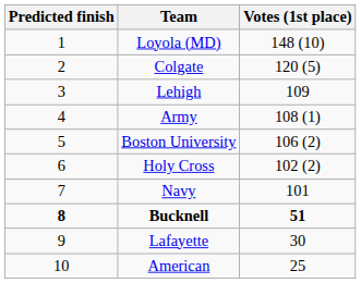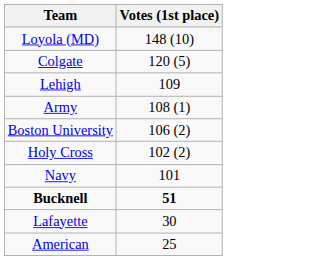 <table class="wikitable" border="1">
 <tr align=center>
-<th>Predicted finish</th>
 <th>Team</th>
 <th>Votes (1st place)</th>
 </tr>
 <tr align="center">
-<td>1</td>
 <td><a href='#'>Loyola (MD)</a></td>
 <td>148 (10)</td>
 </tr>
 <tr align="center">
-<td>2</td>
 <td><a href='#'>Colgate</a></td>
 <td>120 (5)</td>
 </tr>
 <tr align="center">
-<td>3</td>
 <td><a href='#'>Lehigh</a></td>
 <td>109</td>
 </tr>
 <tr align="center">
-<td>4</td>
 <td><a href='#'>Army</a></td>
 <td>108 (1)</td>
 </tr>
 <tr align="center">
-<td>5</td>
 <td><a href='#'>Boston University</a></td>
 <td>106 (2)</td>
 </tr>
 <tr align="center">
-<td>6</td>
 <td><a href='#'>Holy Cross</a></td>
 <td>102 (2)</td>
 </tr>
 <tr align="center">
-<td>7</td>
 <td><a href='#'>Navy</a></td>
 <td>101</td>
 </tr>
 <tr align="center">
-<td><strong>8</strong></td>
 <td><strong>Bucknell</strong></td>
 <td><strong>51</strong></td>
 </tr>
 <tr align="center">
-<td>9</td>
 <td><a href='#'>Lafayette</a></td>
 <td>30</td>
 </tr>
 <tr align="center">
-<td>10</td>
 <td><a href='#'>American</a></td>
 <td>25</td>
 </tr>
 </table>
